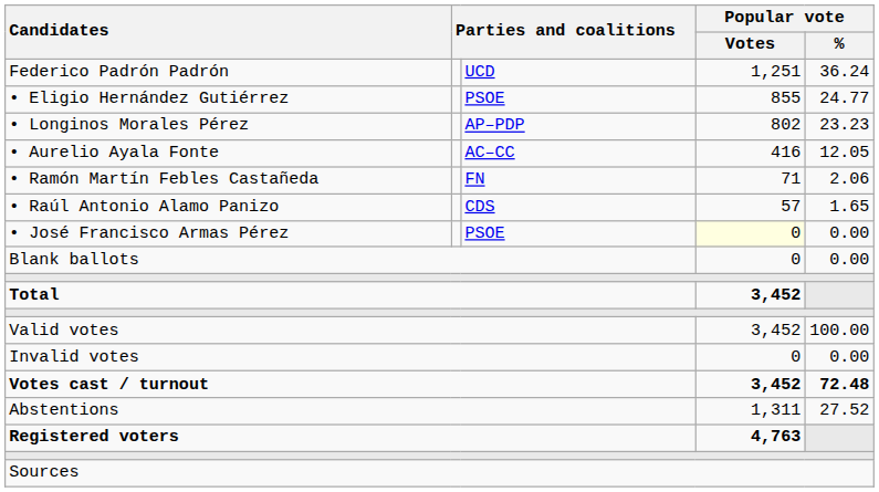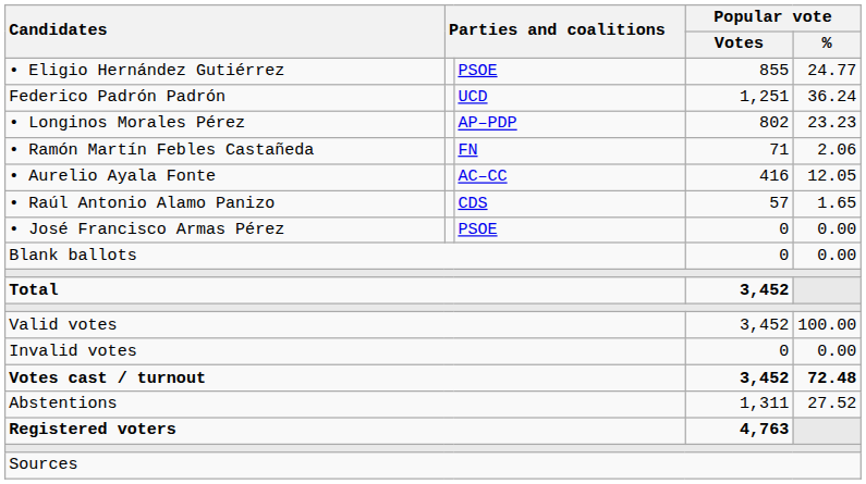 <table class="wikitable" style="text-align:right; font-size:95%;">
 <tr>
 <th style="text-align:left;" rowspan="2" width="325">Candidates</th>
 <th style="text-align:left;" rowspan="2" colspan="2" width="175">Parties and coalitions</th>
 <th colspan="2">Popular vote</th>
 </tr>
 <tr>
 <th width="75">Votes</th>
 <th width="45">%</th>
 </tr>
 <tr>
+<td align="left">• Eligio Hernández Gutiérrez</td>
+<td style="color:inherit;background:"></td>
+<td align="left"><a href='#'>PSOE</a></td>
+<td>855</td>
+<td>24.77</td>
+</tr>
+<tr>
 <td align="left"> Federico Padrón Padrón</td>
 <td width="1" style="color:inherit;background:"></td>
 <td align="left"><a href='#'>UCD</a></td>
 <td>1,251</td>
 <td>36.24</td>
-</tr>
-<tr>
-<td align="left">• Eligio Hernández Gutiérrez</td>
-<td style="color:inherit;background:"></td>
-<td align="left"><a href='#'>PSOE</a></td>
-<td>855</td>
-<td>24.77</td>
 </tr>
 <tr>
 <td align="left">• Longinos Morales Pérez</td>
 <td style="color:inherit;background:"></td>
 <td align="left"><a href='#'>AP–PDP</a></td>
 <td>802</td>
 <td>23.23</td>
 </tr>
 <tr>
+<td align="left">• Ramón Martín Febles Castañeda</td>
+<td style="color:inherit;background:"></td>
+<td align="left"><a href='#'>FN</a></td>
+<td>71</td>
+<td>2.06</td>
+</tr>
+<tr>
 <td align="left">• Aurelio Ayala Fonte</td>
 <td style="color:inherit;background:"></td>
 <td align="left"><a href='#'>AC–CC</a></td>
 <td>416</td>
 <td>12.05</td>
-</tr>
-<tr>
-<td align="left">• Ramón Martín Febles Castañeda</td>
-<td style="color:inherit;background:"></td>
-<td align="left"><a href='#'>FN</a></td>
-<td>71</td>
-<td>2.06</td>
 </tr>
 <tr>
 <td align="left">• Raúl Antonio Alamo Panizo</td>
 <td style="color:inherit;background:"></td>
 <td align="left"><a href='#'>CDS</a></td>
 <td>57</td>
 <td>1.65</td>
 </tr>
 <tr>
 <td align="left">• José Francisco Armas Pérez</td>
 <td style="color:inherit;background:"></td>
 <td align="left"><a href='#'>PSOE</a></td>
-<td style="background: lightyellow;">0</td>
+<td>0</td>
 <td>0.00</td>
 </tr>
 <tr>
 <td align="left" colspan="3">Blank ballots</td>
 <td>0</td>
 <td>0.00</td>
 </tr>
 <tr>
 <td colspan="5" bgcolor="#E9E9E9"></td>
 </tr>
 <tr style="font-weight:bold;">
 <td align="left" colspan="3">Total</td>
 <td>3,452</td>
 <td bgcolor="#E9E9E9"></td>
 </tr>
 <tr>
 <td colspan="5" bgcolor="#E9E9E9"></td>
 </tr>
 <tr>
 <td align="left" colspan="3">Valid votes</td>
 <td>3,452</td>
 <td>100.00</td>
 </tr>
 <tr>
 <td align="left" colspan="3">Invalid votes</td>
 <td>0</td>
 <td>0.00</td>
 </tr>
 <tr style="font-weight:bold;">
 <td align="left" colspan="3">Votes cast / turnout</td>
 <td>3,452</td>
 <td>72.48</td>
 </tr>
 <tr>
 <td align="left" colspan="3">Abstentions</td>
 <td>1,311</td>
 <td>27.52</td>
 </tr>
 <tr style="font-weight:bold;">
 <td align="left" colspan="3">Registered voters</td>
 <td>4,763</td>
 <td bgcolor="#E9E9E9"></td>
 </tr>
 <tr>
 <td colspan="5" bgcolor="#E9E9E9"></td>
 </tr>
 <tr>
 <td align="left" colspan="5">Sources</td>
 </tr>
 </table>
